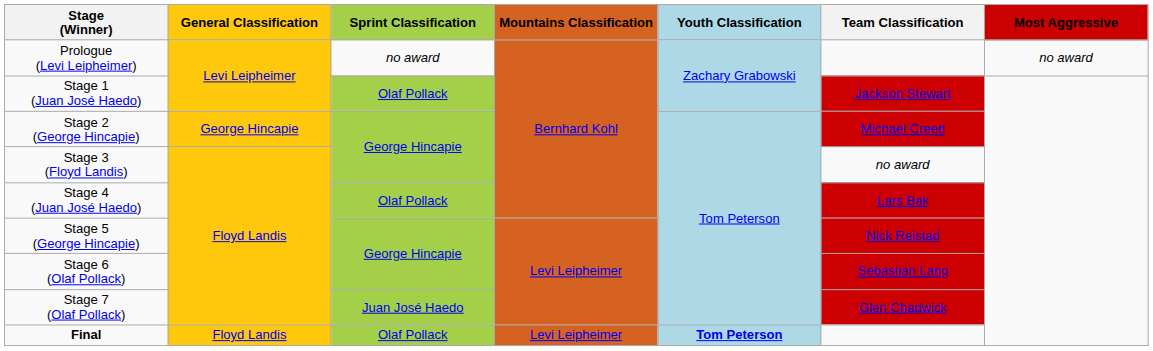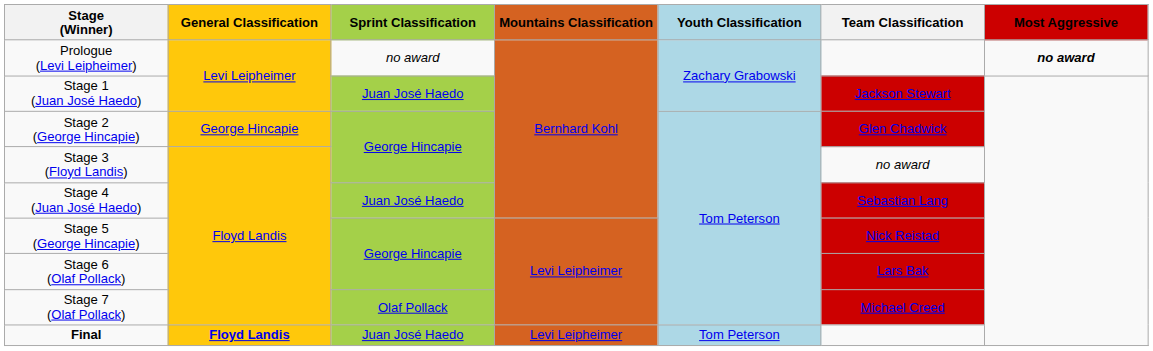 <table class="wikitable" style="text-align: center; font-size:smaller;">
 <tr style="background-color: #efefef;">
 <th width="14%">Stage<br>(Winner)</th>
 <th style="background:#ffc80b;" width="14%">General Classification<br></th>
 <th style="background:#a4d049;" width="14%">Sprint Classification<br></th>
 <th style="background:#d56221;" width="14%">Mountains Classification<br></th>
 <th style="background:LightBlue;" width="14%">Youth Classification<br></th>
 <th style="background:;" width="14%">Team Classification</th>
 <th style="background:#cc0000;" width="14%"><span>Most Aggressive</span></th>
 </tr>
 <tr>
 <td>Prologue<br>(<a href='#'>Levi Leipheimer</a>)</td>
 <td style="background:#ffc80b" rowspan="2"><a href='#'>Levi Leipheimer</a></td>
 <td style="background:" rowspan="1"><em>no award</em></td>
 <td style="background:#d56221;" rowspan="5"><a href='#'>Bernhard Kohl</a></td>
 <td style="background:LightBlue;" rowspan="2"><a href='#'>Zachary Grabowski</a></td>
 <td style="background:"></td>
-<td style="background:" rowspan="1"><em>no award</em></td>
+<td style="background:" rowspan="1"><strong><em>no award</em></strong></td>
 </tr>
 <tr>
 <td>Stage 1<br>(<a href='#'>Juan José Haedo</a>)</td>
-<td style="background:#a4d049" rowspan="1"><a href='#'>Olaf Pollack</a></td>
+<td style="background:#a4d049;" rowspan="1"><a href='#'>Juan José Haedo</a></td>
 <td style="background:#cc0000;" rowspan="1"><span><a href='#'>Jackson Stewart</a></span></td>
 </tr>
 <tr>
 <td>Stage 2<br>(<a href='#'>George Hincapie</a>)</td>
 <td style="background:#ffc80b" rowspan="1"><a href='#'>George Hincapie</a></td>
 <td style="background:#a4d049;" rowspan="2"><a href='#'>George Hincapie</a></td>
 <td style="background:LightBlue;" rowspan="6"><a href='#'>Tom Peterson</a></td>
-<td style="background:#cc0000;" rowspan="1"><span><a href='#'>Michael Creed</a></span></td>
+<td style="background:#cc0000;" rowspan="1"><span><a href='#'>Glen Chadwick</a></span></td>
 </tr>
 <tr>
 <td>Stage 3<br>(<a href='#'>Floyd Landis</a>)</td>
 <td style="background:#ffc80b" rowspan="5"><a href='#'>Floyd Landis</a></td>
 <td style="background:" rowspan="1"><em>no award</em></td>
 </tr>
 <tr>
 <td>Stage 4<br>(<a href='#'>Juan José Haedo</a>)</td>
-<td style="background:#a4d049;" rowspan="1"><a href='#'>Olaf Pollack</a></td>
-<td style="background:#cc0000;" rowspan="1"><span><a href='#'>Lars Bak</a></span></td>
+<td style="background:#a4d049;" rowspan="1"><a href='#'>Juan José Haedo</a></td>
+<td style="background:#cc0000;" rowspan="1"><span><a href='#'>Sebastian Lang</a></span></td>
 </tr>
 <tr>
 <td>Stage 5<br>(<a href='#'>George Hincapie</a>)</td>
 <td style="background:#a4d049;" rowspan="2"><a href='#'>George Hincapie</a></td>
 <td style="background:#d56221;;" rowspan="3"><a href='#'>Levi Leipheimer</a></td>
 <td style="background:#cc0000;" rowspan="1"><span><a href='#'>Nick Reistad</a></span></td>
 </tr>
 <tr>
 <td>Stage 6<br>(<a href='#'>Olaf Pollack</a>)</td>
-<td style="background:#cc0000;" rowspan="1"><span><a href='#'>Sebastian Lang</a></span></td>
+<td style="background:#cc0000;" rowspan="1"><span><a href='#'>Lars Bak</a></span></td>
 </tr>
 <tr>
 <td>Stage 7<br>(<a href='#'>Olaf Pollack</a>)</td>
-<td style="background:#a4d049;" rowspan="1"><a href='#'>Juan José Haedo</a></td>
-<td style="background:#cc0000;" rowspan="1"><span><a href='#'>Glen Chadwick</a></span></td>
+<td style="background:#a4d049;" rowspan="1"><a href='#'>Olaf Pollack</a></td>
+<td style="background:#cc0000;" rowspan="1"><span><a href='#'>Michael Creed</a></span></td>
 </tr>
 <tr>
 <td><strong>Final</strong><br></td>
-<td style="background:#ffc80b" rowspan="1"><a href='#'>Floyd Landis</a></td>
-<td style="background:#a4d049" rowspan="1"><a href='#'>Olaf Pollack</a></td>
+<td style="background:#ffc80b" rowspan="1"><strong><a href='#'>Floyd Landis</a></strong></td>
+<td style="background:#a4d049;" rowspan="1"><a href='#'>Juan José Haedo</a></td>
 <td style="background:#d56221" rowspan="1"><a href='#'>Levi Leipheimer</a></td>
-<td style="background:LightBlue;" rowspan="1"><strong><a href='#'>Tom Peterson</a></strong></td>
+<td style="background:LightBlue;" rowspan="1"><a href='#'>Tom Peterson</a></td>
 <td style="background:" rowspan="1"></td>
 </tr>
 </table>
